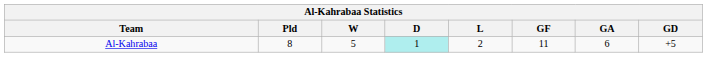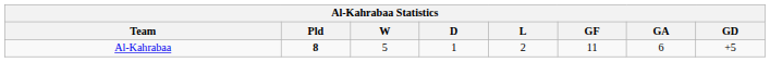 <table width=70% class="wikitable" style="text-align:">
 <tr>
 <th colspan=9>Al-Kahrabaa Statistics</th>
 </tr>
 <tr>
 <th width=20%>Team</th>
 <th width=5%>Pld</th>
 <th width=5%>W</th>
 <th width=5%>D</th>
 <th width=5%>L</th>
 <th width=5%>GF</th>
 <th width=5%>GA</th>
 <th width=5%>GD</th>
 </tr>
 <tr align=center>
 <td align=center> <a href='#'>Al-Kahrabaa</a></td>
-<td>8</td>
+<td><strong>8</strong></td>
 <td>5</td>
-<td style="background: paleturquoise;">1</td>
+<td>1</td>
 <td>2</td>
 <td>11</td>
 <td>6</td>
 <td>+5</td>
 </tr>
 </table>
